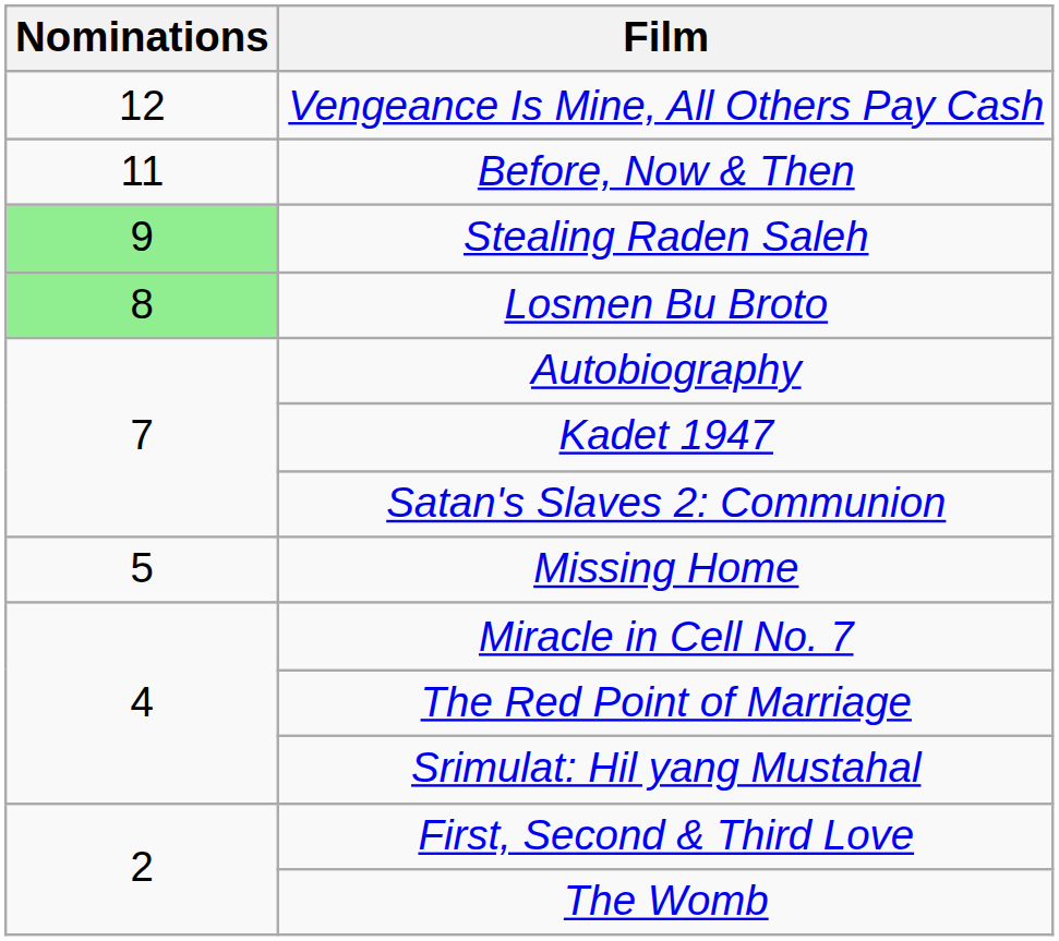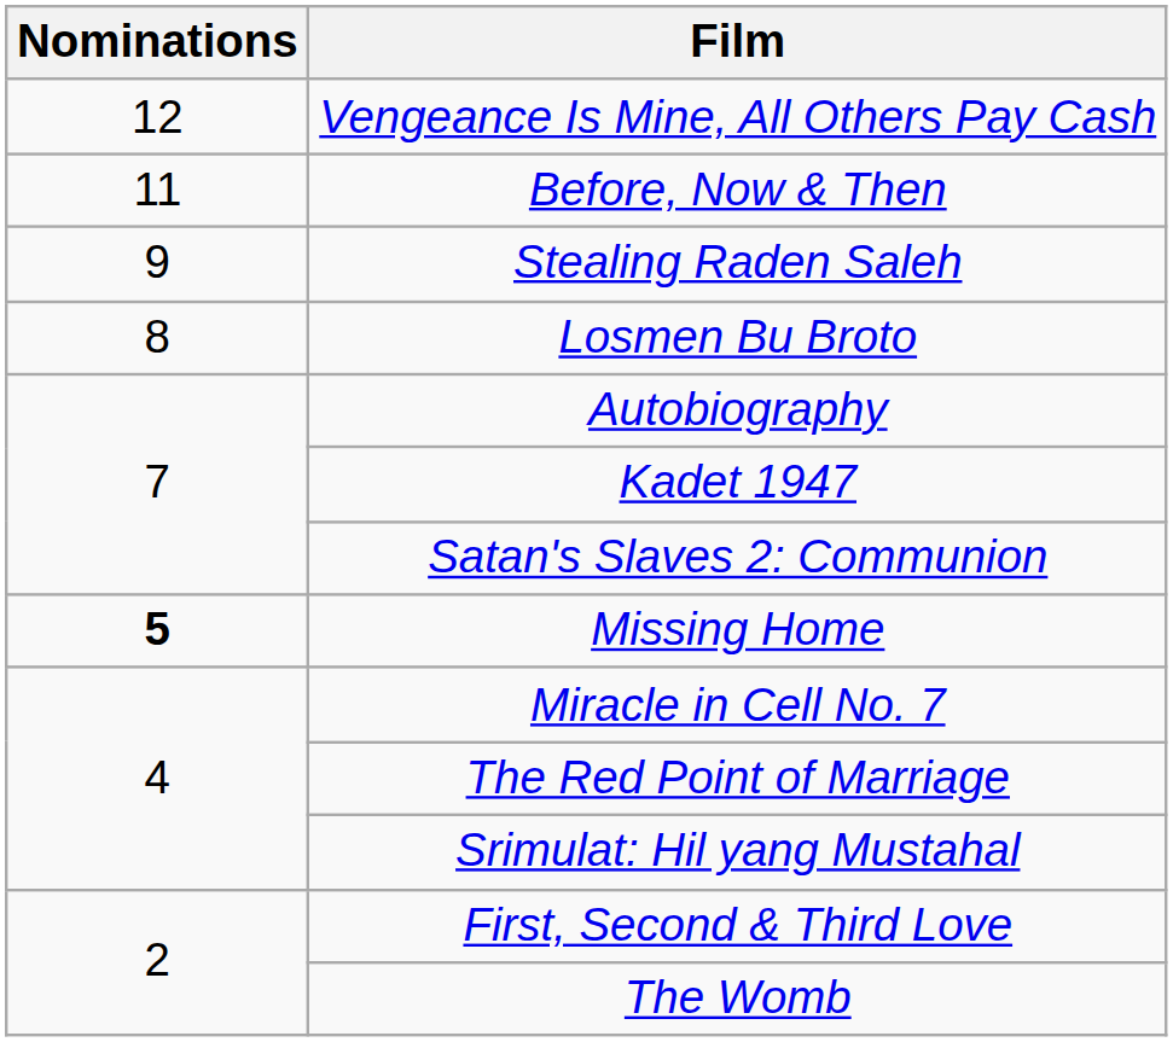 <table class="wikitable plainrowheaders" style="text-align:center;">
 <tr>
 <th scope="col" style="width:55px;">Nominations</th>
 <th scope="col" style="text-align:center;">Film</th>
 </tr>
 <tr>
 <td>12</td>
 <td><em><a href='#'>Vengeance Is Mine, All Others Pay Cash</a></em></td>
 </tr>
 <tr>
 <td>11</td>
 <td><em><a href='#'>Before, Now & Then</a></em></td>
 </tr>
 <tr>
-<td style="background: lightgreen;">9</td>
+<td>9</td>
 <td><em><a href='#'>Stealing Raden Saleh</a></em></td>
 </tr>
 <tr>
-<td style="background: lightgreen;">8</td>
+<td>8</td>
 <td><em><a href='#'>Losmen Bu Broto</a></em></td>
 </tr>
 <tr>
 <td rowspan="3">7</td>
 <td><em><a href='#'>Autobiography</a></em></td>
 </tr>
 <tr>
 <td><em><a href='#'>Kadet 1947</a></em></td>
 </tr>
 <tr>
 <td><em><a href='#'>Satan's Slaves 2: Communion</a></em></td>
 </tr>
 <tr>
-<td>5</td>
+<td><strong>5</strong></td>
 <td><em><a href='#'>Missing Home</a></em></td>
 </tr>
 <tr>
 <td rowspan="3">4</td>
 <td><em><a href='#'>Miracle in Cell No. 7</a></em></td>
 </tr>
 <tr>
 <td><em><a href='#'>The Red Point of Marriage</a></em></td>
 </tr>
 <tr>
 <td><em><a href='#'>Srimulat: Hil yang Mustahal</a></em></td>
 </tr>
 <tr>
 <td rowspan="2">2</td>
 <td><em><a href='#'>First, Second & Third Love</a></em></td>
 </tr>
 <tr>
 <td><em><a href='#'>The Womb</a></em></td>
 </tr>
 </table>
